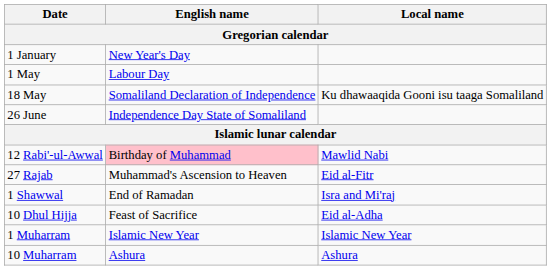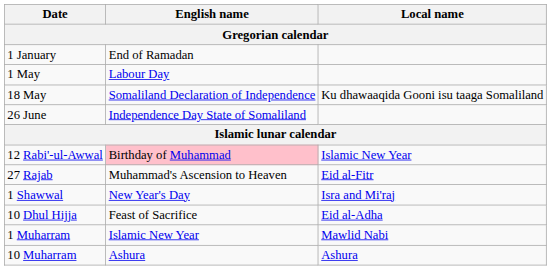 <table class="wikitable">
 <tr>
 <th>Date</th>
 <th>English name</th>
 <th>Local name</th>
 </tr>
 <tr>
 <th colspan=4>Gregorian calendar</th>
 </tr>
 <tr>
 <td>1 January</td>
-<td><a href='#'>New Year's Day</a></td>
+<td>End of Ramadan</td>
 <td></td>
 </tr>
 <tr>
 <td>1 May</td>
 <td><a href='#'>Labour Day</a></td>
 <td></td>
 </tr>
 <tr>
 <td>18 May</td>
 <td><a href='#'>Somaliland Declaration of Independence</a></td>
 <td>Ku dhawaaqida Gooni isu taaga Somaliland</td>
 </tr>
 <tr>
 <td>26 June</td>
 <td><a href='#'>Independence Day State of Somaliland</a></td>
 <td></td>
 </tr>
 <tr>
 <th colspan=4>Islamic lunar calendar</th>
 </tr>
 <tr>
 <td>12 <a href='#'>Rabi'-ul-Awwal</a></td>
 <td style="background: pink;">Birthday of <a href='#'>Muhammad</a></td>
-<td><a href='#'>Mawlid Nabi</a></td>
+<td><a href='#'>Islamic New Year</a></td>
 </tr>
 <tr>
 <td>27 <a href='#'>Rajab</a></td>
 <td>Muhammad's Ascension to Heaven</td>
 <td><a href='#'>Eid al-Fitr</a></td>
 </tr>
 <tr>
 <td>1 <a href='#'>Shawwal</a></td>
-<td>End of Ramadan</td>
+<td><a href='#'>New Year's Day</a></td>
 <td><a href='#'>Isra and Mi'raj</a></td>
 </tr>
 <tr>
 <td>10 <a href='#'>Dhul Hijja</a></td>
 <td>Feast of Sacrifice</td>
 <td><a href='#'>Eid al-Adha</a></td>
 </tr>
 <tr>
 <td>1 <a href='#'>Muharram</a></td>
 <td><a href='#'>Islamic New Year</a></td>
-<td><a href='#'>Islamic New Year</a></td>
+<td><a href='#'>Mawlid Nabi</a></td>
 </tr>
 <tr>
 <td>10 <a href='#'>Muharram</a></td>
 <td><a href='#'>Ashura</a></td>
 <td><a href='#'>Ashura</a></td>
 </tr>
 </table>
